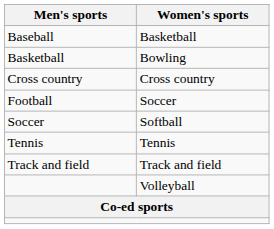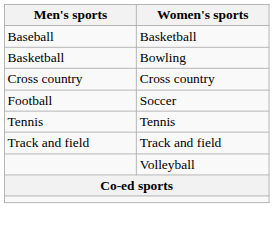 <table class="wikitable"; style= "text-align: ">
 <tr>
 <th width=150px>Men's sports</th>
 <th width=150px>Women's sports</th>
 </tr>
 <tr>
 <td>Baseball</td>
 <td>Basketball</td>
 </tr>
 <tr>
 <td>Basketball</td>
 <td>Bowling</td>
 </tr>
 <tr>
 <td>Cross country</td>
 <td>Cross country</td>
 </tr>
 <tr>
 <td>Football</td>
 <td>Soccer</td>
 </tr>
 <tr>
-<td>Soccer</td>
-<td>Softball</td>
-</tr>
-<tr>
 <td>Tennis</td>
 <td>Tennis</td>
 </tr>
 <tr>
 <td>Track and field</td>
 <td>Track and field</td>
 </tr>
 <tr>
 <td></td>
 <td>Volleyball</td>
 </tr>
 <tr>
 <th colspan=2>Co-ed sports</th>
 </tr>
 <tr>
 <td colspan=2></td>
 </tr>
 </table>
